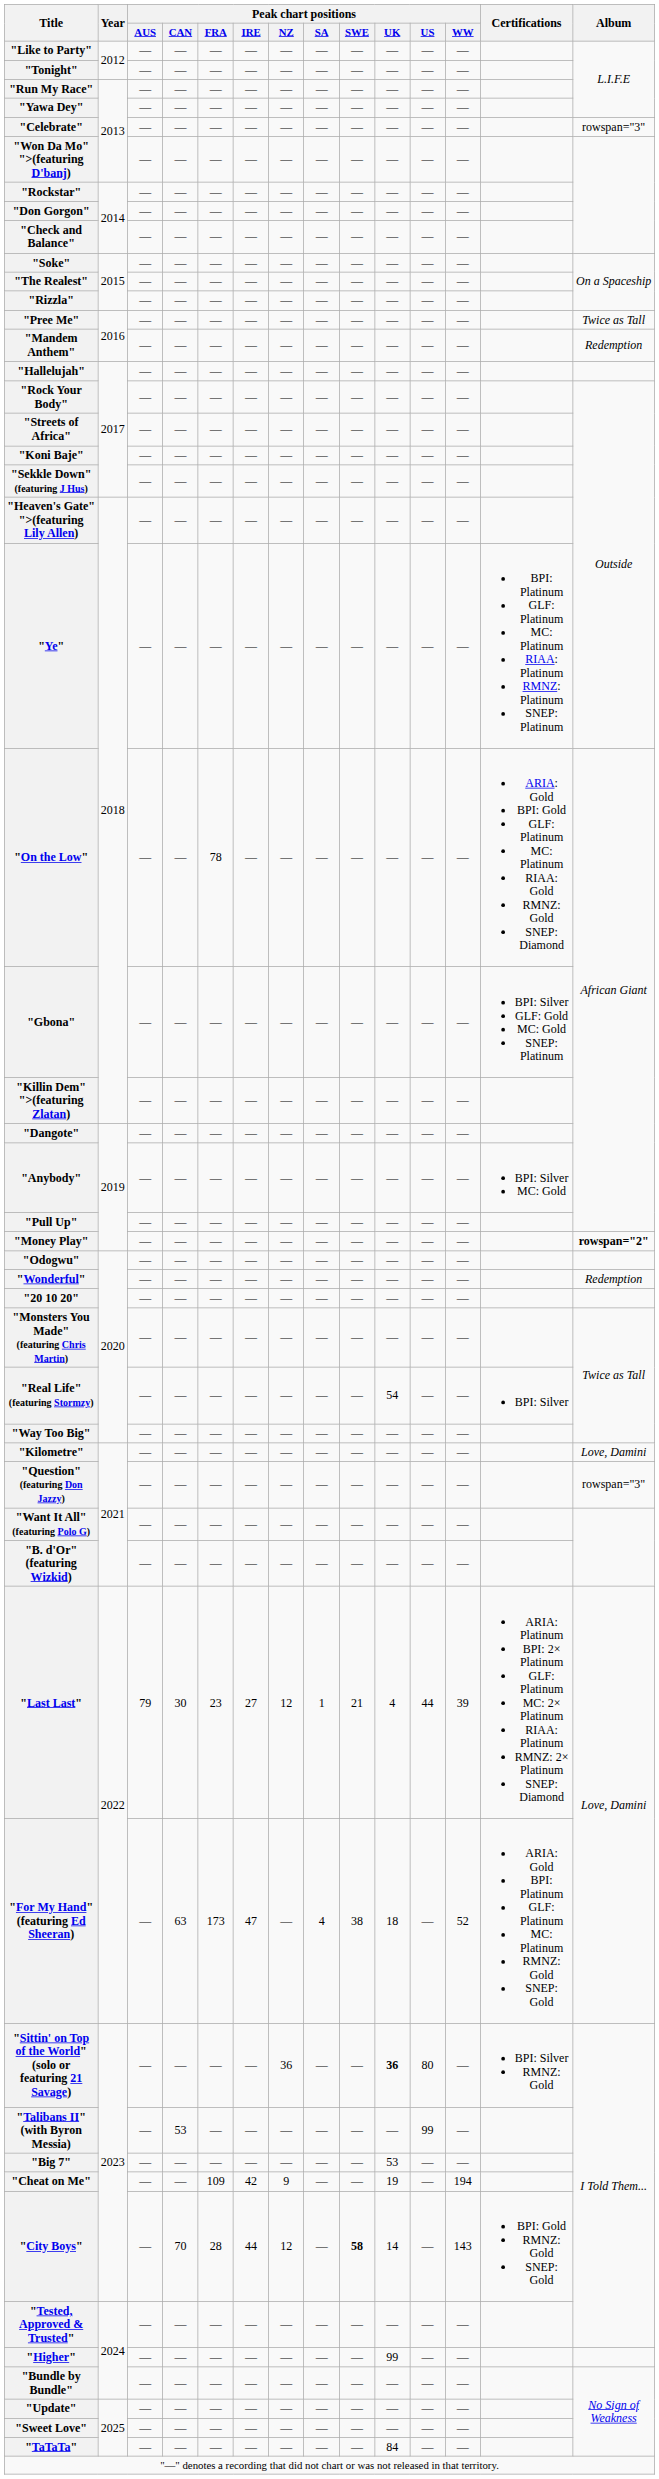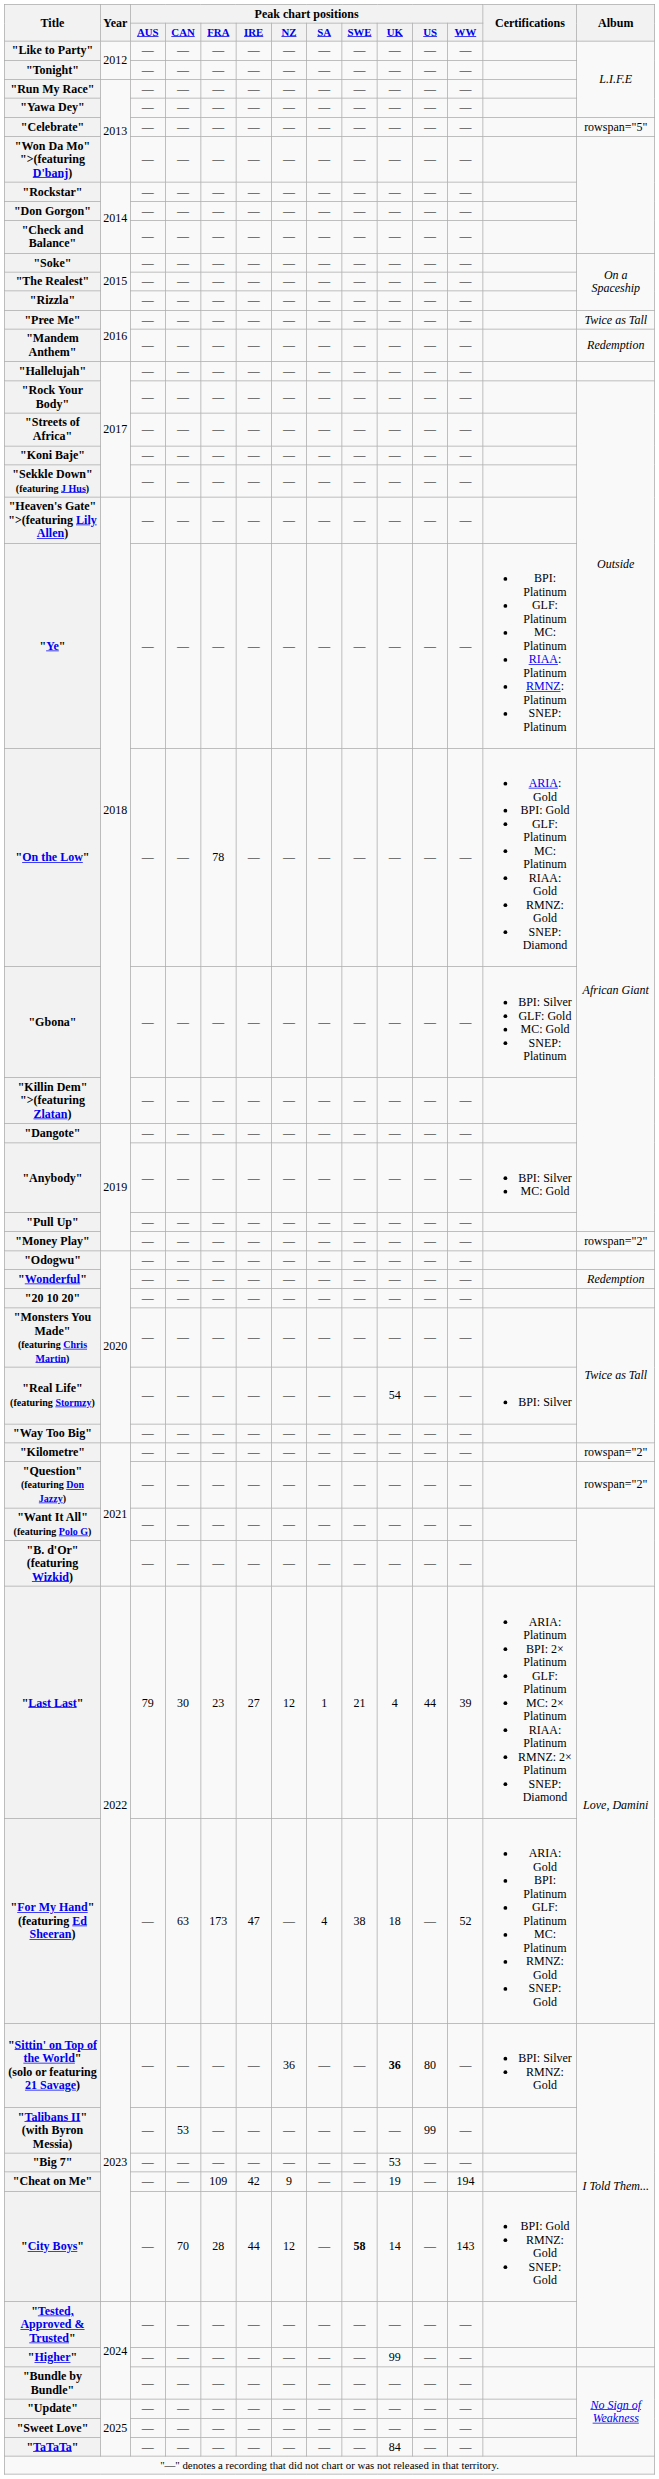 <table class="wikitable plainrowheaders" style="text-align:center;">
 <tr>
 <th scope="col" rowspan="2">Title</th>
 <th scope="col" rowspan="2">Year</th>
 <th scope="col" colspan="10">Peak chart positions</th>
 <th scope="col" rowspan="2">Certifications</th>
 <th scope="col" rowspan="2">Album</th>
 </tr>
 <tr>
 <th scope="col" style="width:2.8em;font-size:90%;"><a href='#'>AUS</a><br></th>
 <th scope="col" style="width:2.8em;font-size:90%;"><a href='#'>CAN</a><br></th>
 <th scope="col" style="width:2.8em;font-size:90%;"><a href='#'>FRA</a><br></th>
 <th scope="col" style="width:2.8em;font-size:90%;"><a href='#'>IRE</a><br></th>
 <th scope="col" style="width:2.8em;font-size:90%;"><a href='#'>NZ</a><br></th>
 <th scope="col" style="width:2.8em;font-size:90%;"><a href='#'>SA</a><br></th>
 <th scope="col" style="width:2.8em;font-size:90%;"><a href='#'>SWE</a><br></th>
 <th scope="col" style="width:2.8em;font-size:90%;"><a href='#'>UK</a><br></th>
 <th scope="col" style="width:2.8em;font-size:90%;"><a href='#'>US</a><br></th>
 <th scope="col" style="width:2.8em;font-size:90%;"><a href='#'>WW</a><br></th>
 </tr>
 <tr>
 <th scope="row">"Like to Party"</th>
 <td rowspan="2">2012</td>
 <td>—</td>
 <td>—</td>
 <td>—</td>
 <td>—</td>
 <td>—</td>
 <td>—</td>
 <td>—</td>
 <td>—</td>
 <td>—</td>
 <td>—</td>
 <td></td>
 <td rowspan="4"><em>L.I.F.E</em></td>
 </tr>
 <tr>
 <th scope="row">"Tonight"</th>
 <td>—</td>
 <td>—</td>
 <td>—</td>
 <td>—</td>
 <td>—</td>
 <td>—</td>
 <td>—</td>
 <td>—</td>
 <td>—</td>
 <td>—</td>
 <td></td>
 </tr>
 <tr>
 <th scope="row">"Run My Race"</th>
 <td rowspan="4">2013</td>
 <td>—</td>
 <td>—</td>
 <td>—</td>
 <td>—</td>
 <td>—</td>
 <td>—</td>
 <td>—</td>
 <td>—</td>
 <td>—</td>
 <td>—</td>
 <td></td>
 </tr>
 <tr>
 <th scope="row">"Yawa Dey"</th>
 <td>—</td>
 <td>—</td>
 <td>—</td>
 <td>—</td>
 <td>—</td>
 <td>—</td>
 <td>—</td>
 <td>—</td>
 <td>—</td>
 <td>—</td>
 <td></td>
 </tr>
 <tr>
 <th scope="row">"Celebrate"</th>
 <td>—</td>
 <td>—</td>
 <td>—</td>
 <td>—</td>
 <td>—</td>
 <td>—</td>
 <td>—</td>
 <td>—</td>
 <td>—</td>
 <td>—</td>
 <td></td>
-<td>rowspan="3" </td>
+<td>rowspan="5" </td>
 </tr>
 <tr>
 <th scope="row">"Won Da Mo"<br><span>">(featuring <a href='#'>D'banj</a>)</span></th>
 <td>—</td>
 <td>—</td>
 <td>—</td>
 <td>—</td>
 <td>—</td>
 <td>—</td>
 <td>—</td>
 <td>—</td>
 <td>—</td>
 <td>—</td>
 <td></td>
 </tr>
 <tr>
 <th scope="row">"Rockstar"</th>
 <td rowspan="3">2014</td>
 <td>—</td>
 <td>—</td>
 <td>—</td>
 <td>—</td>
 <td>—</td>
 <td>—</td>
 <td>—</td>
 <td>—</td>
 <td>—</td>
 <td>—</td>
 <td></td>
 </tr>
 <tr>
 <th scope="row">"Don Gorgon"</th>
 <td>—</td>
 <td>—</td>
 <td>—</td>
 <td>—</td>
 <td>—</td>
 <td>—</td>
 <td>—</td>
 <td>—</td>
 <td>—</td>
 <td>—</td>
 <td></td>
 </tr>
 <tr>
 <th scope="row">"Check and Balance"</th>
 <td>—</td>
 <td>—</td>
 <td>—</td>
 <td>—</td>
 <td>—</td>
 <td>—</td>
 <td>—</td>
 <td>—</td>
 <td>—</td>
 <td>—</td>
 <td></td>
 </tr>
 <tr>
 <th scope="row">"Soke"</th>
 <td rowspan="3">2015</td>
 <td>—</td>
 <td>—</td>
 <td>—</td>
 <td>—</td>
 <td>—</td>
 <td>—</td>
 <td>—</td>
 <td>—</td>
 <td>—</td>
 <td>—</td>
 <td></td>
 <td rowspan="3"><em>On a Spaceship</em></td>
 </tr>
 <tr>
 <th scope="row">"The Realest"</th>
 <td>—</td>
 <td>—</td>
 <td>—</td>
 <td>—</td>
 <td>—</td>
 <td>—</td>
 <td>—</td>
 <td>—</td>
 <td>—</td>
 <td>—</td>
 <td></td>
 </tr>
 <tr>
 <th scope="row">"Rizzla"</th>
 <td>—</td>
 <td>—</td>
 <td>—</td>
 <td>—</td>
 <td>—</td>
 <td>—</td>
 <td>—</td>
 <td>—</td>
 <td>—</td>
 <td>—</td>
 <td></td>
 </tr>
 <tr>
 <th scope="row">"Pree Me"</th>
 <td rowspan="2">2016</td>
 <td>—</td>
 <td>—</td>
 <td>—</td>
 <td>—</td>
 <td>—</td>
 <td>—</td>
 <td>—</td>
 <td>—</td>
 <td>—</td>
 <td>—</td>
 <td></td>
 <td><em>Twice as Tall</em></td>
 </tr>
 <tr>
 <th scope="row">"Mandem Anthem"</th>
 <td>—</td>
 <td>—</td>
 <td>—</td>
 <td>—</td>
 <td>—</td>
 <td>—</td>
 <td>—</td>
 <td>—</td>
 <td>—</td>
 <td>—</td>
 <td></td>
 <td><em>Redemption</em></td>
 </tr>
 <tr>
 <th scope="row">"Hallelujah"</th>
 <td rowspan="5">2017</td>
 <td>—</td>
 <td>—</td>
 <td>—</td>
 <td>—</td>
 <td>—</td>
 <td>—</td>
 <td>—</td>
 <td>—</td>
 <td>—</td>
 <td>—</td>
 <td></td>
 </tr>
 <tr>
 <th scope="row">"Rock Your Body"</th>
 <td>—</td>
 <td>—</td>
 <td>—</td>
 <td>—</td>
 <td>—</td>
 <td>—</td>
 <td>—</td>
 <td>—</td>
 <td>—</td>
 <td>—</td>
 <td></td>
 <td rowspan="6"><em>Outside</em></td>
 </tr>
 <tr>
 <th scope="row">"Streets of Africa"</th>
 <td>—</td>
 <td>—</td>
 <td>—</td>
 <td>—</td>
 <td>—</td>
 <td>—</td>
 <td>—</td>
 <td>—</td>
 <td>—</td>
 <td>—</td>
 <td></td>
 </tr>
 <tr>
 <th scope="row">"Koni Baje"</th>
 <td>—</td>
 <td>—</td>
 <td>—</td>
 <td>—</td>
 <td>—</td>
 <td>—</td>
 <td>—</td>
 <td>—</td>
 <td>—</td>
 <td>—</td>
 <td></td>
 </tr>
 <tr>
 <th scope="row">"Sekkle Down"<br><small>(featuring <a href='#'>J Hus</a>)</small></th>
 <td>—</td>
 <td>—</td>
 <td>—</td>
 <td>—</td>
 <td>—</td>
 <td>—</td>
 <td>—</td>
 <td>—</td>
 <td>—</td>
 <td>—</td>
 <td></td>
 </tr>
 <tr>
 <th scope="row">"Heaven's Gate"<br><span>">(featuring <a href='#'>Lily Allen</a>)</span></th>
 <td rowspan="5">2018</td>
 <td>—</td>
 <td>—</td>
 <td>—</td>
 <td>—</td>
 <td>—</td>
 <td>—</td>
 <td>—</td>
 <td>—</td>
 <td>—</td>
 <td>—</td>
 <td></td>
 </tr>
 <tr>
 <th scope="row">"<a href='#'>Ye</a>"</th>
 <td>—</td>
 <td>—</td>
 <td>—</td>
 <td>—</td>
 <td>—</td>
 <td>—</td>
 <td>—</td>
 <td>—</td>
 <td>—</td>
 <td>—</td>
 <td><br><ul><li>BPI: Platinum</li><li>GLF: Platinum</li><li>MC: Platinum</li><li><a href='#'>RIAA</a>: Platinum</li><li><a href='#'>RMNZ</a>: Platinum</li><li>SNEP: Platinum</li></ul></td>
 </tr>
 <tr>
 <th scope="row">"<a href='#'>On the Low</a>"</th>
 <td>—</td>
 <td>—</td>
 <td>78</td>
 <td>—</td>
 <td>—</td>
 <td>—</td>
 <td>—</td>
 <td>—</td>
 <td>—</td>
 <td>—</td>
 <td><br><ul><li><a href='#'>ARIA</a>: Gold</li><li>BPI: Gold</li><li>GLF: Platinum</li><li>MC: Platinum</li><li>RIAA: Gold</li><li>RMNZ: Gold</li><li>SNEP: Diamond</li></ul></td>
 <td rowspan="6"><em>African Giant</em></td>
 </tr>
 <tr>
 <th scope="row">"Gbona"</th>
 <td>—</td>
 <td>—</td>
 <td>—</td>
 <td>—</td>
 <td>—</td>
 <td>—</td>
 <td>—</td>
 <td>—</td>
 <td>—</td>
 <td>—</td>
 <td><br><ul><li>BPI: Silver</li><li>GLF: Gold</li><li>MC: Gold</li><li>SNEP: Platinum</li></ul></td>
 </tr>
 <tr>
 <th scope="row">"Killin Dem"<br><span>">(featuring <a href='#'>Zlatan</a>)</span></th>
 <td>—</td>
 <td>—</td>
 <td>—</td>
 <td>—</td>
 <td>—</td>
 <td>—</td>
 <td>—</td>
 <td>—</td>
 <td>—</td>
 <td>—</td>
 <td></td>
 </tr>
 <tr>
 <th scope="row">"Dangote"</th>
 <td rowspan="4">2019</td>
 <td>—</td>
 <td>—</td>
 <td>—</td>
 <td>—</td>
 <td>—</td>
 <td>—</td>
 <td>—</td>
 <td>—</td>
 <td>—</td>
 <td>—</td>
 <td></td>
 </tr>
 <tr>
 <th scope="row">"Anybody"</th>
 <td>—</td>
 <td>—</td>
 <td>—</td>
 <td>—</td>
 <td>—</td>
 <td>—</td>
 <td>—</td>
 <td>—</td>
 <td>—</td>
 <td>—</td>
 <td><br><ul><li>BPI: Silver</li><li>MC: Gold</li></ul></td>
 </tr>
 <tr>
 <th scope="row">"Pull Up"</th>
 <td>—</td>
 <td>—</td>
 <td>—</td>
 <td>—</td>
 <td>—</td>
 <td>—</td>
 <td>—</td>
 <td>—</td>
 <td>—</td>
 <td>—</td>
 <td></td>
 </tr>
 <tr>
 <th scope="row">"Money Play"</th>
 <td>—</td>
 <td>—</td>
 <td>—</td>
 <td>—</td>
 <td>—</td>
 <td>—</td>
 <td>—</td>
 <td>—</td>
 <td>—</td>
 <td>—</td>
 <td></td>
-<td><strong>rowspan="2" </strong></td>
+<td>rowspan="2" </td>
 </tr>
 <tr>
 <th scope="row">"Odogwu"</th>
 <td rowspan="6">2020</td>
 <td>—</td>
 <td>—</td>
 <td>—</td>
 <td>—</td>
 <td>—</td>
 <td>—</td>
 <td>—</td>
 <td>—</td>
 <td>—</td>
 <td>—</td>
 <td></td>
 </tr>
 <tr>
 <th scope="row">"<a href='#'>Wonderful</a>"</th>
 <td>—</td>
 <td>—</td>
 <td>—</td>
 <td>—</td>
 <td>—</td>
 <td>—</td>
 <td>—</td>
 <td>—</td>
 <td>—</td>
 <td>—</td>
 <td></td>
 <td><em>Redemption</em></td>
 </tr>
 <tr>
 <th scope="row">"20 10 20"</th>
 <td>—</td>
 <td>—</td>
 <td>—</td>
 <td>—</td>
 <td>—</td>
 <td>—</td>
 <td>—</td>
 <td>—</td>
 <td>—</td>
 <td>—</td>
 <td></td>
 <td></td>
 </tr>
 <tr>
 <th scope="row">"Monsters You Made"<br><small>(featuring <a href='#'>Chris Martin</a>)</small></th>
 <td>—</td>
 <td>—</td>
 <td>—</td>
 <td>—</td>
 <td>—</td>
 <td>—</td>
 <td>—</td>
 <td>—</td>
 <td>—</td>
 <td>—</td>
 <td></td>
 <td rowspan="3"><em>Twice as Tall</em></td>
 </tr>
 <tr>
 <th scope="row">"Real Life"<br><small>(featuring <a href='#'>Stormzy</a>)</small></th>
 <td>—</td>
 <td>—</td>
 <td>—</td>
 <td>—</td>
 <td>—</td>
 <td>—</td>
 <td>—</td>
 <td>54</td>
 <td>—</td>
 <td>—</td>
 <td><br><ul><li>BPI: Silver</li></ul></td>
 </tr>
 <tr>
 <th scope="row">"Way Too Big"</th>
 <td>—</td>
 <td>—</td>
 <td>—</td>
 <td>—</td>
 <td>—</td>
 <td>—</td>
 <td>—</td>
 <td>—</td>
 <td>—</td>
 <td>—</td>
 <td></td>
 </tr>
 <tr>
 <th scope="row">"Kilometre"</th>
 <td rowspan="4">2021</td>
 <td>—</td>
 <td>—</td>
 <td>—</td>
 <td>—</td>
 <td>—</td>
 <td>—</td>
 <td>—</td>
 <td>—</td>
 <td>—</td>
 <td>—</td>
 <td></td>
-<td><em>Love, Damini</em></td>
+<td>rowspan="2" </td>
 </tr>
 <tr>
 <th scope="row">"Question"<br><small>(featuring <a href='#'>Don Jazzy</a>)</small></th>
 <td>—</td>
 <td>—</td>
 <td>—</td>
 <td>—</td>
 <td>—</td>
 <td>—</td>
 <td>—</td>
 <td>—</td>
 <td>—</td>
 <td>—</td>
 <td></td>
-<td>rowspan="3" </td>
+<td>rowspan="2" </td>
 </tr>
 <tr>
 <th scope="row">"Want It All"<br><small>(featuring <a href='#'>Polo G</a>)</small></th>
 <td>—</td>
 <td>—</td>
 <td>—</td>
 <td>—</td>
 <td>—</td>
 <td>—</td>
 <td>—</td>
 <td>—</td>
 <td>—</td>
 <td>—</td>
 <td></td>
 </tr>
 <tr>
 <th scope="row">"B. d'Or"<br><span>(featuring <a href='#'>Wizkid</a>)</span></th>
 <td>—</td>
 <td>—</td>
 <td>—</td>
 <td>—</td>
 <td>—</td>
 <td>—</td>
 <td>—</td>
 <td>—</td>
 <td>—</td>
 <td>—</td>
 <td></td>
 </tr>
 <tr>
 <th scope="row">"<a href='#'>Last Last</a>"</th>
 <td rowspan="2">2022</td>
 <td>79</td>
 <td>30</td>
 <td>23</td>
 <td>27</td>
 <td>12</td>
 <td>1</td>
 <td>21</td>
 <td>4</td>
 <td>44</td>
 <td>39</td>
 <td><br><ul><li>ARIA: Platinum</li><li>BPI: 2× Platinum</li><li>GLF: Platinum</li><li>MC: 2× Platinum</li><li>RIAA: Platinum</li><li>RMNZ: 2× Platinum</li><li>SNEP: Diamond</li></ul></td>
 <td rowspan="2"><em>Love, Damini</em></td>
 </tr>
 <tr>
 <th scope="row">"<a href='#'>For My Hand</a>"<br><span>(featuring <a href='#'>Ed Sheeran</a>)</span></th>
 <td>—</td>
 <td>63</td>
 <td>173</td>
 <td>47</td>
 <td>—</td>
 <td>4</td>
 <td>38</td>
 <td>18</td>
 <td>—</td>
 <td>52</td>
 <td><br><ul><li>ARIA: Gold</li><li>BPI: Platinum</li><li>GLF: Platinum</li><li>MC: Platinum</li><li>RMNZ: Gold</li><li>SNEP: Gold</li></ul></td>
 </tr>
 <tr>
 <th scope="row">"<a href='#'>Sittin' on Top of the World</a>"<br><span>(solo or featuring <a href='#'>21 Savage</a>)</span></th>
 <td rowspan="5">2023</td>
 <td>—</td>
 <td>—</td>
 <td>—</td>
 <td>—</td>
 <td>36</td>
 <td>—</td>
 <td>—</td>
 <td><strong>36</strong></td>
 <td>80</td>
 <td>—</td>
 <td><br><ul><li>BPI: Silver</li><li>RMNZ: Gold</li></ul></td>
 <td rowspan="6"><em>I Told Them...</em></td>
 </tr>
 <tr>
 <th scope="row">"<a href='#'>Talibans II</a>"<br><span>(with Byron Messia)</span></th>
 <td>—</td>
 <td>53</td>
 <td>—</td>
 <td>—</td>
 <td>—</td>
 <td>—</td>
 <td>—</td>
 <td>—</td>
 <td>99</td>
 <td>—</td>
 <td></td>
 </tr>
 <tr>
 <th scope="row">"Big 7"</th>
 <td>—</td>
 <td>—</td>
 <td>—</td>
 <td>—</td>
 <td>—</td>
 <td>—</td>
 <td>—</td>
 <td>53</td>
 <td>—</td>
 <td>—</td>
 <td></td>
 </tr>
 <tr>
 <th scope="row">"Cheat on Me"<br></th>
 <td>—</td>
 <td>—</td>
 <td>109</td>
 <td>42</td>
 <td>9</td>
 <td>—</td>
 <td>—</td>
 <td>19</td>
 <td>—</td>
 <td>194</td>
 <td></td>
 </tr>
 <tr>
 <th scope="row">"<a href='#'>City Boys</a>"</th>
 <td>—</td>
 <td>70</td>
 <td>28</td>
 <td>44</td>
 <td>12</td>
 <td>—</td>
 <td><strong>58</strong></td>
 <td>14</td>
 <td>—</td>
 <td>143</td>
 <td><br><ul><li>BPI: Gold</li><li>RMNZ: Gold</li><li>SNEP: Gold</li></ul></td>
 </tr>
 <tr>
 <th scope="row">"<a href='#'>Tested, Approved & Trusted</a>"</th>
 <td rowspan="3">2024</td>
 <td>—</td>
 <td>—</td>
 <td>—</td>
 <td>—</td>
 <td>—</td>
 <td>—</td>
 <td>—</td>
 <td>—</td>
 <td>—</td>
 <td>—</td>
 <td></td>
 </tr>
 <tr>
 <th scope="row">"<a href='#'>Higher</a>"</th>
 <td>—</td>
 <td>—</td>
 <td>—</td>
 <td>—</td>
 <td>—</td>
 <td>—</td>
 <td>—</td>
 <td>99</td>
 <td>—</td>
 <td>—</td>
 <td></td>
 <td></td>
 </tr>
 <tr>
 <th scope="row">"Bundle by Bundle"</th>
 <td>—</td>
 <td>—</td>
 <td>—</td>
 <td>—</td>
 <td>—</td>
 <td>—</td>
 <td>—</td>
 <td>—</td>
 <td>—</td>
 <td>—</td>
 <td></td>
 <td rowspan="4"><em><a href='#'>No Sign of Weakness</a></em></td>
 </tr>
 <tr>
 <th scope="row">"Update"</th>
 <td rowspan="3">2025</td>
 <td>—</td>
 <td>—</td>
 <td>—</td>
 <td>—</td>
 <td>—</td>
 <td>—</td>
 <td>—</td>
 <td>—</td>
 <td>—</td>
 <td>—</td>
 <td></td>
 </tr>
 <tr>
 <th scope="row">"Sweet Love"</th>
 <td>—</td>
 <td>—</td>
 <td>—</td>
 <td>—</td>
 <td>—</td>
 <td>—</td>
 <td>—</td>
 <td>—</td>
 <td>—</td>
 <td>—</td>
 <td></td>
 </tr>
 <tr>
 <th scope="row">"<a href='#'>TaTaTa</a>"<br></th>
 <td>—</td>
 <td>—</td>
 <td>—</td>
 <td>—</td>
 <td>—</td>
 <td>—</td>
 <td>—</td>
 <td>84</td>
 <td>—</td>
 <td>—</td>
 <td></td>
 </tr>
 <tr>
 <td colspan="14" style="font-size:90%">"—" denotes a recording that did not chart or was not released in that territory.</td>
 </tr>
 </table>
